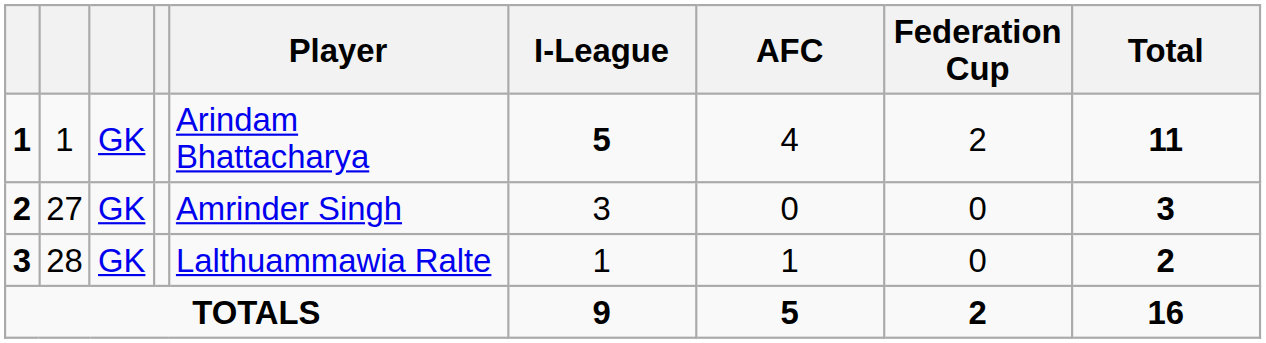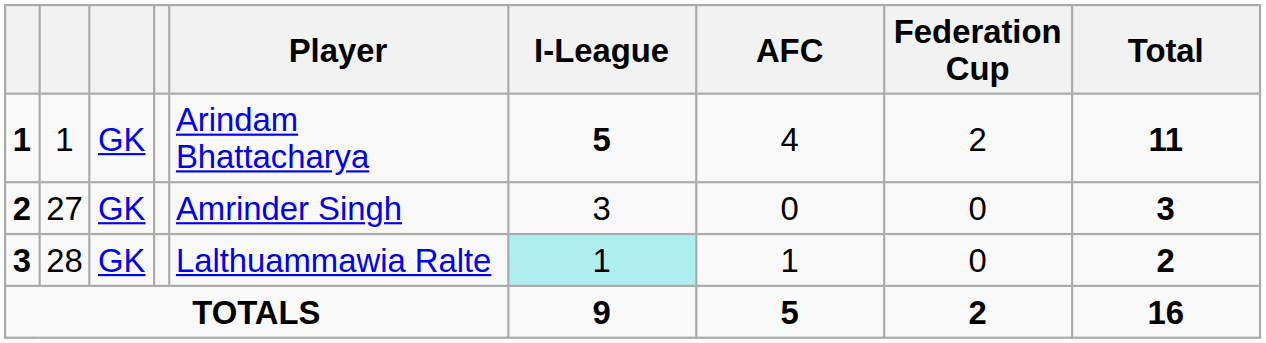 <table class="wikitable" style="font-size: 95%; text-align: center;">
 <tr>
 <th rowspan="1" !width=15><strong></strong></th>
 <th rowspan="1" !width=15><strong></strong></th>
 <th rowspan="1" !width=15><strong></strong></th>
 <th rowspan="1" !width=15><strong></strong></th>
 <th width=150>Player</th>
 <th width=80>I-League</th>
 <th width=80>AFC</th>
 <th width=80>Federation Cup</th>
 <th width=80><strong>Total</strong></th>
 </tr>
 <tr>
 <td rowspan=1><strong>1</strong></td>
 <td>1</td>
 <td><a href='#'>GK</a></td>
 <td></td>
 <td align=left><a href='#'>Arindam Bhattacharya</a></td>
 <td><strong>5</strong></td>
 <td>4</td>
 <td>2</td>
 <td><strong>11</strong></td>
 </tr>
 <tr>
 <td rowspan=1><strong>2</strong></td>
 <td>27</td>
 <td><a href='#'>GK</a></td>
 <td></td>
 <td align=left><a href='#'>Amrinder Singh</a></td>
 <td>3</td>
 <td>0</td>
 <td>0</td>
 <td><strong>3</strong></td>
 </tr>
 <tr>
 <td rowspan=1><strong>3</strong></td>
 <td>28</td>
 <td><a href='#'>GK</a></td>
 <td></td>
 <td align=left><a href='#'>Lalthuammawia Ralte</a></td>
-<td>1</td>
+<td style="background: paleturquoise;">1</td>
 <td>1</td>
 <td>0</td>
 <td><strong>2</strong></td>
 </tr>
 <tr>
 <td colspan="5"><strong>TOTALS</strong></td>
 <td><strong>9</strong></td>
 <td><strong>5</strong></td>
 <td><strong>2</strong></td>
 <td><strong>16</strong></td>
 </tr>
 </table>
